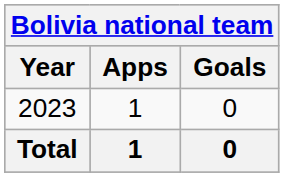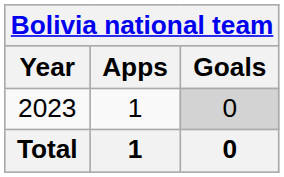 <table class="wikitable" style="text-align:center">
 <tr>
 <th colspan=3><a href='#'>Bolivia national team</a></th>
 </tr>
 <tr>
 <th>Year</th>
 <th>Apps</th>
 <th>Goals</th>
 </tr>
 <tr>
 <td>2023</td>
 <td>1</td>
-<td>0</td>
+<td style="background: lightgrey;">0</td>
 </tr>
 <tr>
 <th>Total</th>
 <th>1</th>
 <th>0</th>
 </tr>
 </table>
